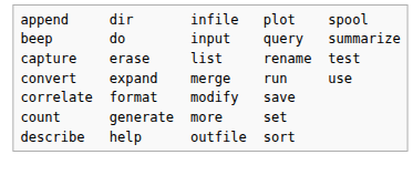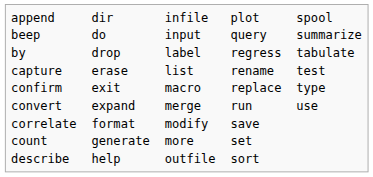 <table class="infobox mw-collapsible">
 <tr style="font-family:monospace;">
 <td>append</td>
 <td style="padding-left:1.0em;">dir</td>
 <td style="padding-left:1.0em;">infile</td>
 <td style="padding-left:1.0em;">plot</td>
 <td style="padding-left:1.0em;">spool</td>
 </tr>
 <tr style="font-family:monospace;">
 <td>beep</td>
 <td style="padding-left:1.0em;">do</td>
 <td style="padding-left:1.0em;">input</td>
 <td style="padding-left:1.0em;">query</td>
 <td style="padding-left:1.0em;">summarize</td>
 </tr>
 <tr style="font-family:monospace;">
+<td>by</td>
+<td style="padding-left:1.0em;">drop</td>
+<td style="padding-left:1.0em;">label</td>
+<td style="padding-left:1.0em;">regress</td>
+<td style="padding-left:1.0em;">tabulate</td>
+</tr>
+<tr style="font-family:monospace;">
 <td>capture</td>
 <td style="padding-left:1.0em;">erase</td>
 <td style="padding-left:1.0em;">list</td>
 <td style="padding-left:1.0em;">rename</td>
 <td style="padding-left:1.0em;">test</td>
+</tr>
+<tr style="font-family:monospace;">
+<td>confirm</td>
+<td style="padding-left:1.0em;">exit</td>
+<td style="padding-left:1.0em;">macro</td>
+<td style="padding-left:1.0em;">replace</td>
+<td style="padding-left:1.0em;">type</td>
 </tr>
 <tr style="font-family:monospace;">
 <td>convert</td>
 <td style="padding-left:1.0em;">expand</td>
 <td style="padding-left:1.0em;">merge</td>
 <td style="padding-left:1.0em;">run</td>
 <td style="padding-left:1.0em;">use</td>
 </tr>
 <tr style="font-family:monospace;">
 <td>correlate</td>
 <td style="padding-left:1.0em;">format</td>
 <td style="padding-left:1.0em;">modify</td>
 <td style="padding-left:1.0em;">save</td>
 <td style="padding-left:1.0em;"></td>
 </tr>
 <tr style="font-family:monospace;">
 <td>count</td>
 <td style="padding-left:1.0em;">generate</td>
 <td style="padding-left:1.0em;">more</td>
 <td style="padding-left:1.0em;">set</td>
 <td style="padding-left:1.0em;"></td>
 </tr>
 <tr style="font-family:monospace;">
 <td>describe</td>
 <td style="padding-left:1.0em;">help</td>
 <td style="padding-left:1.0em;">outfile</td>
 <td style="padding-left:1.0em;">sort</td>
 <td style="padding-left:1.0em;"></td>
 </tr>
 </table>
